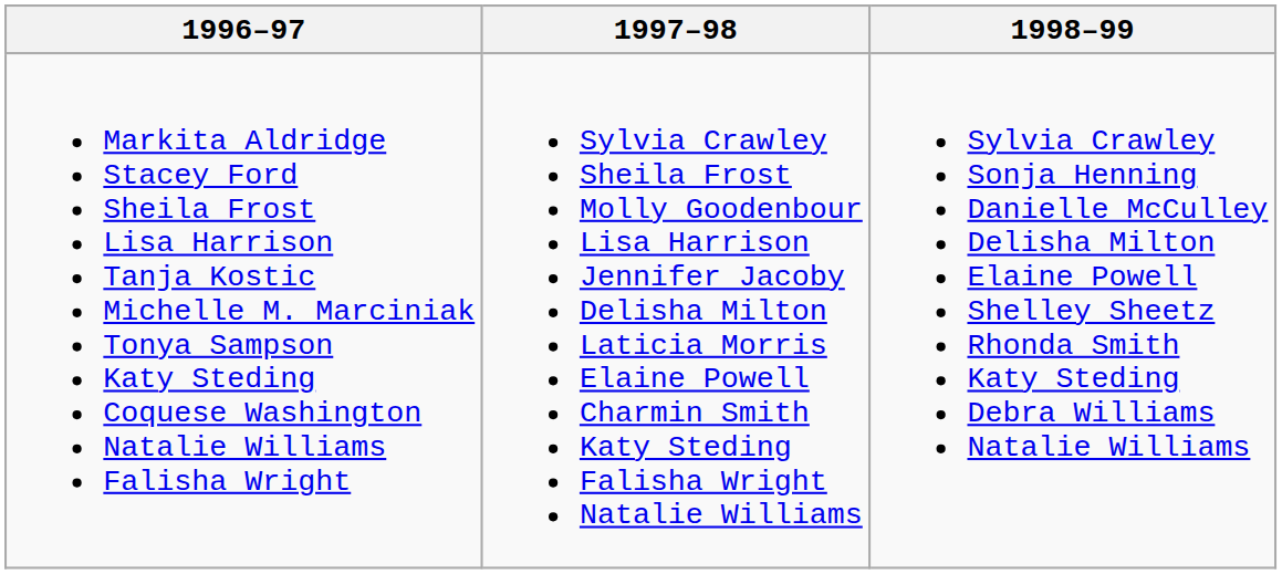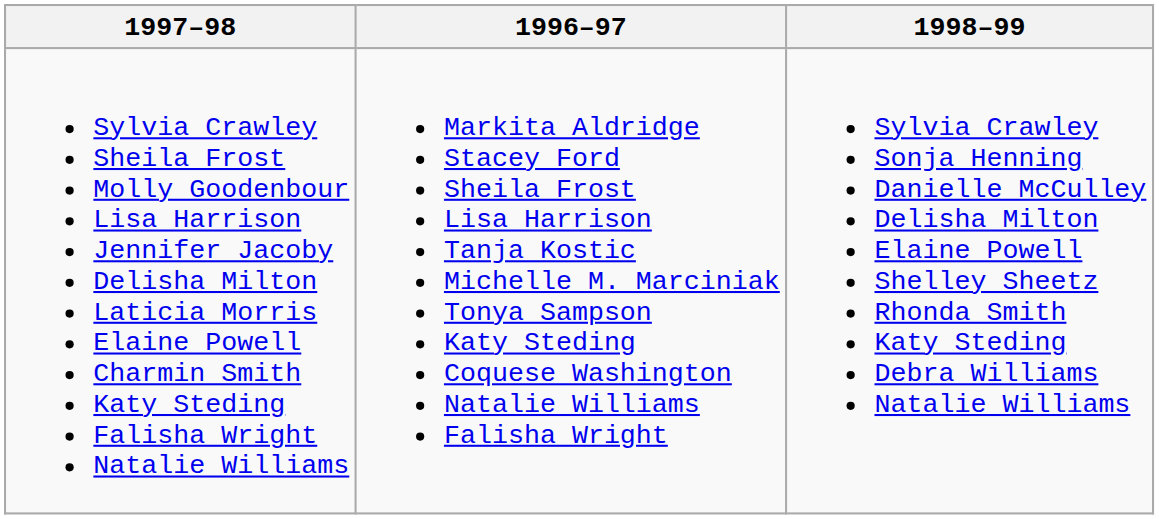 <table class="wikitable">
 <tr>
+<th bgcolor="#DDDDFF">1997–98</th>
 <th bgcolor="#DDDDFF">1996–97</th>
-<th bgcolor="#DDDDFF">1997–98</th>
 <th bgcolor="#DDDDFF">1998–99</th>
 </tr>
 <tr>
+<td valign="top"><br><ul><li><a href='#'>Sylvia Crawley</a></li><li><a href='#'>Sheila Frost</a></li><li><a href='#'>Molly Goodenbour</a></li><li><a href='#'>Lisa Harrison</a></li><li><a href='#'>Jennifer Jacoby</a></li><li><a href='#'>Delisha Milton</a></li><li><a href='#'>Laticia Morris</a></li><li><a href='#'>Elaine Powell</a></li><li><a href='#'>Charmin Smith</a></li><li><a href='#'>Katy Steding</a></li><li><a href='#'>Falisha Wright</a></li><li><a href='#'>Natalie Williams</a></li></ul></td>
 <td valign="top"><br><ul><li><a href='#'>Markita Aldridge</a></li><li><a href='#'>Stacey Ford</a></li><li><a href='#'>Sheila Frost</a></li><li><a href='#'>Lisa Harrison</a></li><li><a href='#'>Tanja Kostic</a></li><li><a href='#'>Michelle M. Marciniak</a></li><li><a href='#'>Tonya Sampson</a></li><li><a href='#'>Katy Steding</a></li><li><a href='#'>Coquese Washington</a></li><li><a href='#'>Natalie Williams</a></li><li><a href='#'>Falisha Wright</a></li></ul></td>
-<td valign="top"><br><ul><li><a href='#'>Sylvia Crawley</a></li><li><a href='#'>Sheila Frost</a></li><li><a href='#'>Molly Goodenbour</a></li><li><a href='#'>Lisa Harrison</a></li><li><a href='#'>Jennifer Jacoby</a></li><li><a href='#'>Delisha Milton</a></li><li><a href='#'>Laticia Morris</a></li><li><a href='#'>Elaine Powell</a></li><li><a href='#'>Charmin Smith</a></li><li><a href='#'>Katy Steding</a></li><li><a href='#'>Falisha Wright</a></li><li><a href='#'>Natalie Williams</a></li></ul></td>
 <td valign="top"><br><ul><li><a href='#'>Sylvia Crawley</a></li><li><a href='#'>Sonja Henning</a></li><li><a href='#'>Danielle McCulley</a></li><li><a href='#'>Delisha Milton</a></li><li><a href='#'>Elaine Powell</a></li><li><a href='#'>Shelley Sheetz</a></li><li><a href='#'>Rhonda Smith</a></li><li><a href='#'>Katy Steding</a></li><li><a href='#'>Debra Williams</a></li><li><a href='#'>Natalie Williams</a></li></ul></td>
 </tr>
 </table>
